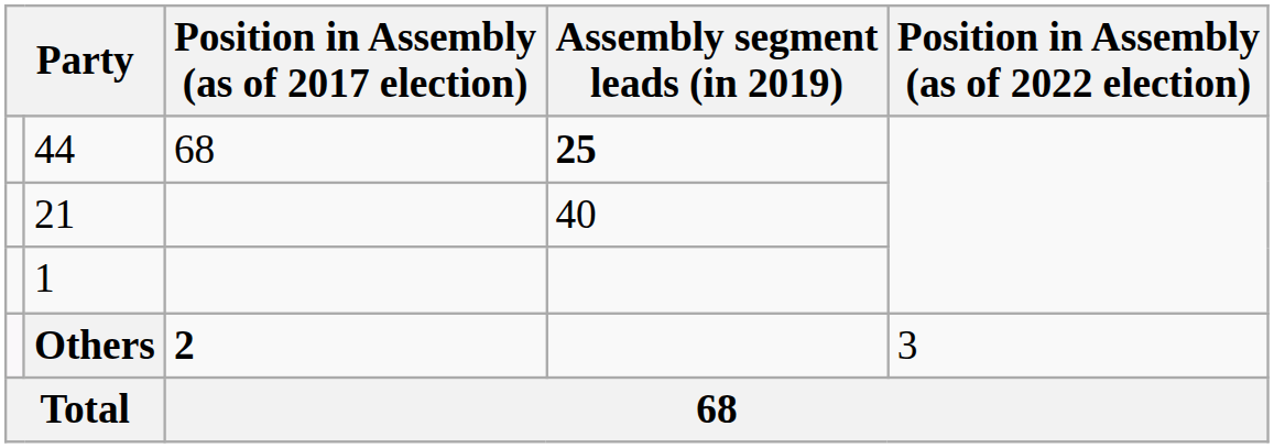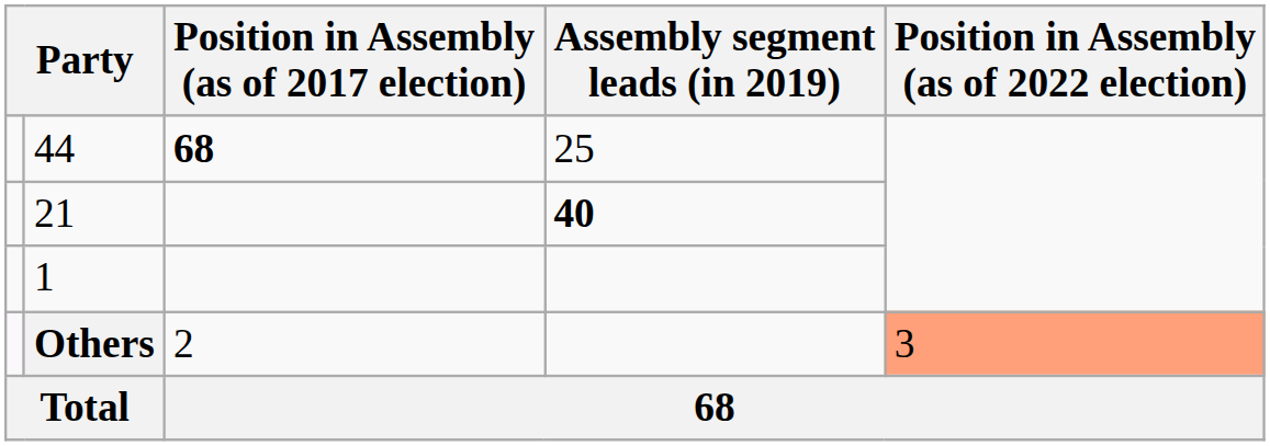 <table class="wikitable sortable defaultcenter">
 <tr>
 <th colspan=2>Party</th>
 <th>Position in Assembly <br> (as of 2017 election)</th>
 <th>Assembly segment <br> leads (in 2019)</th>
 <th>Position in Assembly <br> (as of 2022 election)</th>
 </tr>
 <tr>
 <td></td>
 <td>44</td>
-<td>68</td>
-<td><strong>25</strong></td>
+<td><strong>68</strong></td>
+<td>25</td>
 </tr>
 <tr>
 <td></td>
 <td>21</td>
 <td></td>
-<td>40</td>
+<td><strong>40</strong></td>
 </tr>
 <tr>
 <td></td>
 <td>1</td>
 <td></td>
 <td></td>
 </tr>
 <tr>
 <td bgcolor=#FAF8FA></td>
 <th>Others</th>
-<td><strong>2</strong></td>
+<td>2</td>
 <td></td>
-<td>3</td>
+<td style="background: lightsalmon;">3</td>
 </tr>
 <tr>
 <th colspan=2>Total</th>
 <th colspan=3>68</th>
 </tr>
 </table>
